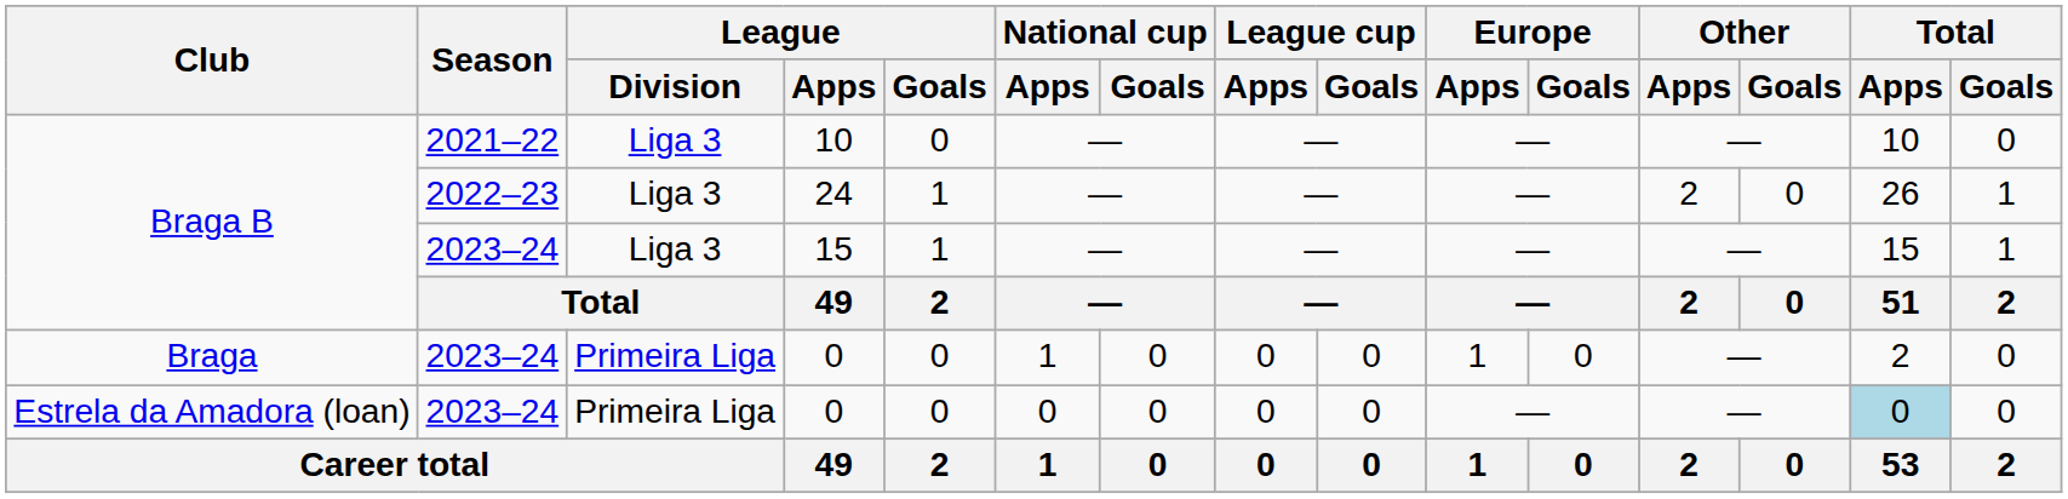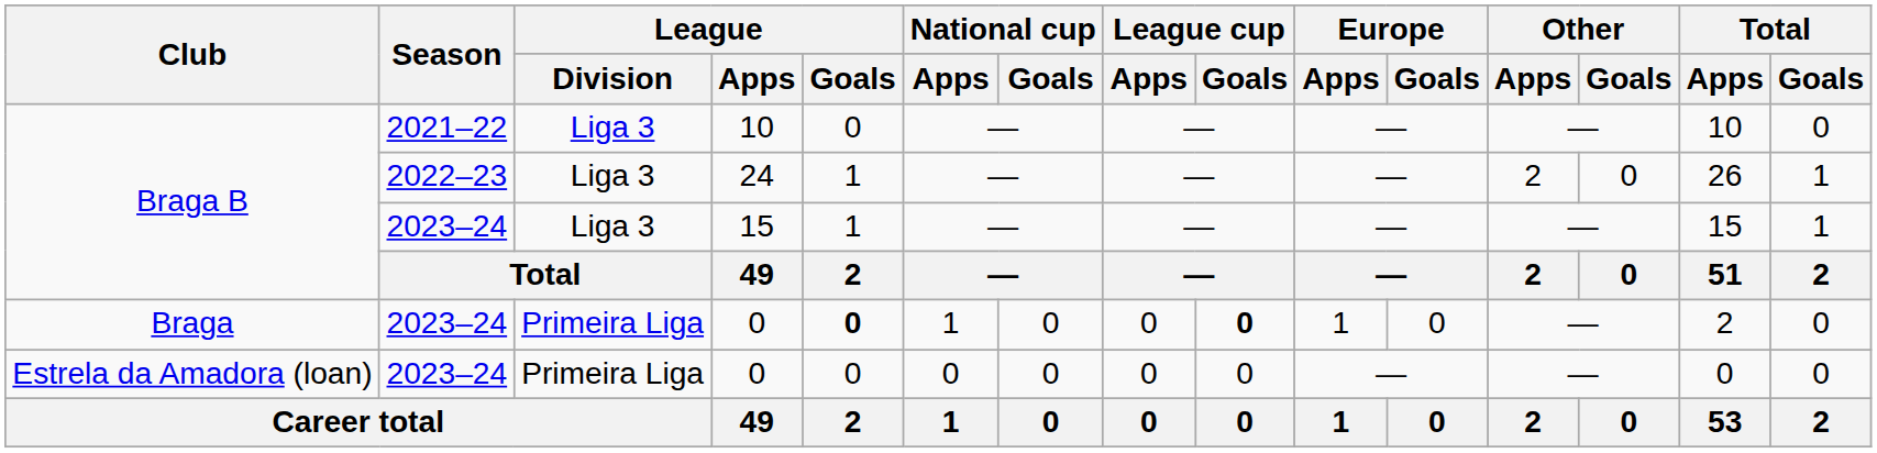 <table class="wikitable" style="text-align:center">
 <tr>
 <th rowspan="2">Club</th>
 <th rowspan="2">Season</th>
 <th colspan="3">League</th>
 <th colspan="2">National cup</th>
 <th colspan="2">League cup</th>
 <th colspan="2">Europe</th>
 <th colspan="2">Other</th>
 <th colspan="2">Total</th>
 </tr>
 <tr>
 <th>Division</th>
 <th>Apps</th>
 <th>Goals</th>
 <th>Apps</th>
 <th>Goals</th>
 <th>Apps</th>
 <th>Goals</th>
 <th>Apps</th>
 <th>Goals</th>
 <th>Apps</th>
 <th>Goals</th>
 <th>Apps</th>
 <th>Goals</th>
 </tr>
 <tr>
 <td rowspan="4"><a href='#'>Braga B</a></td>
 <td><a href='#'>2021–22</a></td>
 <td><a href='#'>Liga 3</a></td>
 <td>10</td>
 <td>0</td>
 <td colspan="2">—</td>
 <td colspan="2">—</td>
 <td colspan="2">—</td>
 <td colspan="2">—</td>
 <td>10</td>
 <td>0</td>
 </tr>
 <tr>
 <td><a href='#'>2022–23</a></td>
 <td>Liga 3</td>
 <td>24</td>
 <td>1</td>
 <td colspan="2">—</td>
 <td colspan="2">—</td>
 <td colspan="2">—</td>
 <td>2</td>
 <td>0</td>
 <td>26</td>
 <td>1</td>
 </tr>
 <tr>
 <td><a href='#'>2023–24</a></td>
 <td>Liga 3</td>
 <td>15</td>
 <td>1</td>
 <td colspan="2">—</td>
 <td colspan="2">—</td>
 <td colspan="2">—</td>
 <td colspan="2">—</td>
 <td>15</td>
 <td>1</td>
 </tr>
 <tr>
 <th colspan="2">Total</th>
 <th>49</th>
 <th>2</th>
 <th colspan="2">—</th>
 <th colspan="2">—</th>
 <th colspan="2">—</th>
 <th>2</th>
 <th>0</th>
 <th>51</th>
 <th>2</th>
 </tr>
 <tr>
 <td><a href='#'>Braga</a></td>
 <td><a href='#'>2023–24</a></td>
 <td><a href='#'>Primeira Liga</a></td>
 <td>0</td>
-<td>0</td>
+<td><strong>0</strong></td>
 <td>1</td>
 <td>0</td>
 <td>0</td>
-<td>0</td>
+<td><strong>0</strong></td>
 <td>1</td>
 <td>0</td>
 <td colspan="2">—</td>
 <td>2</td>
 <td>0</td>
 </tr>
 <tr>
 <td><a href='#'>Estrela da Amadora</a> (loan)</td>
 <td><a href='#'>2023–24</a></td>
 <td>Primeira Liga</td>
 <td>0</td>
 <td>0</td>
 <td>0</td>
 <td>0</td>
 <td>0</td>
 <td>0</td>
 <td colspan="2">—</td>
 <td colspan="2">—</td>
-<td style="background: lightblue;">0</td>
+<td>0</td>
 <td>0</td>
 </tr>
 <tr>
 <th colspan="3">Career total</th>
 <th>49</th>
 <th>2</th>
 <th>1</th>
 <th>0</th>
 <th>0</th>
 <th>0</th>
 <th>1</th>
 <th>0</th>
 <th>2</th>
 <th>0</th>
 <th>53</th>
 <th>2</th>
 </tr>
 </table>
